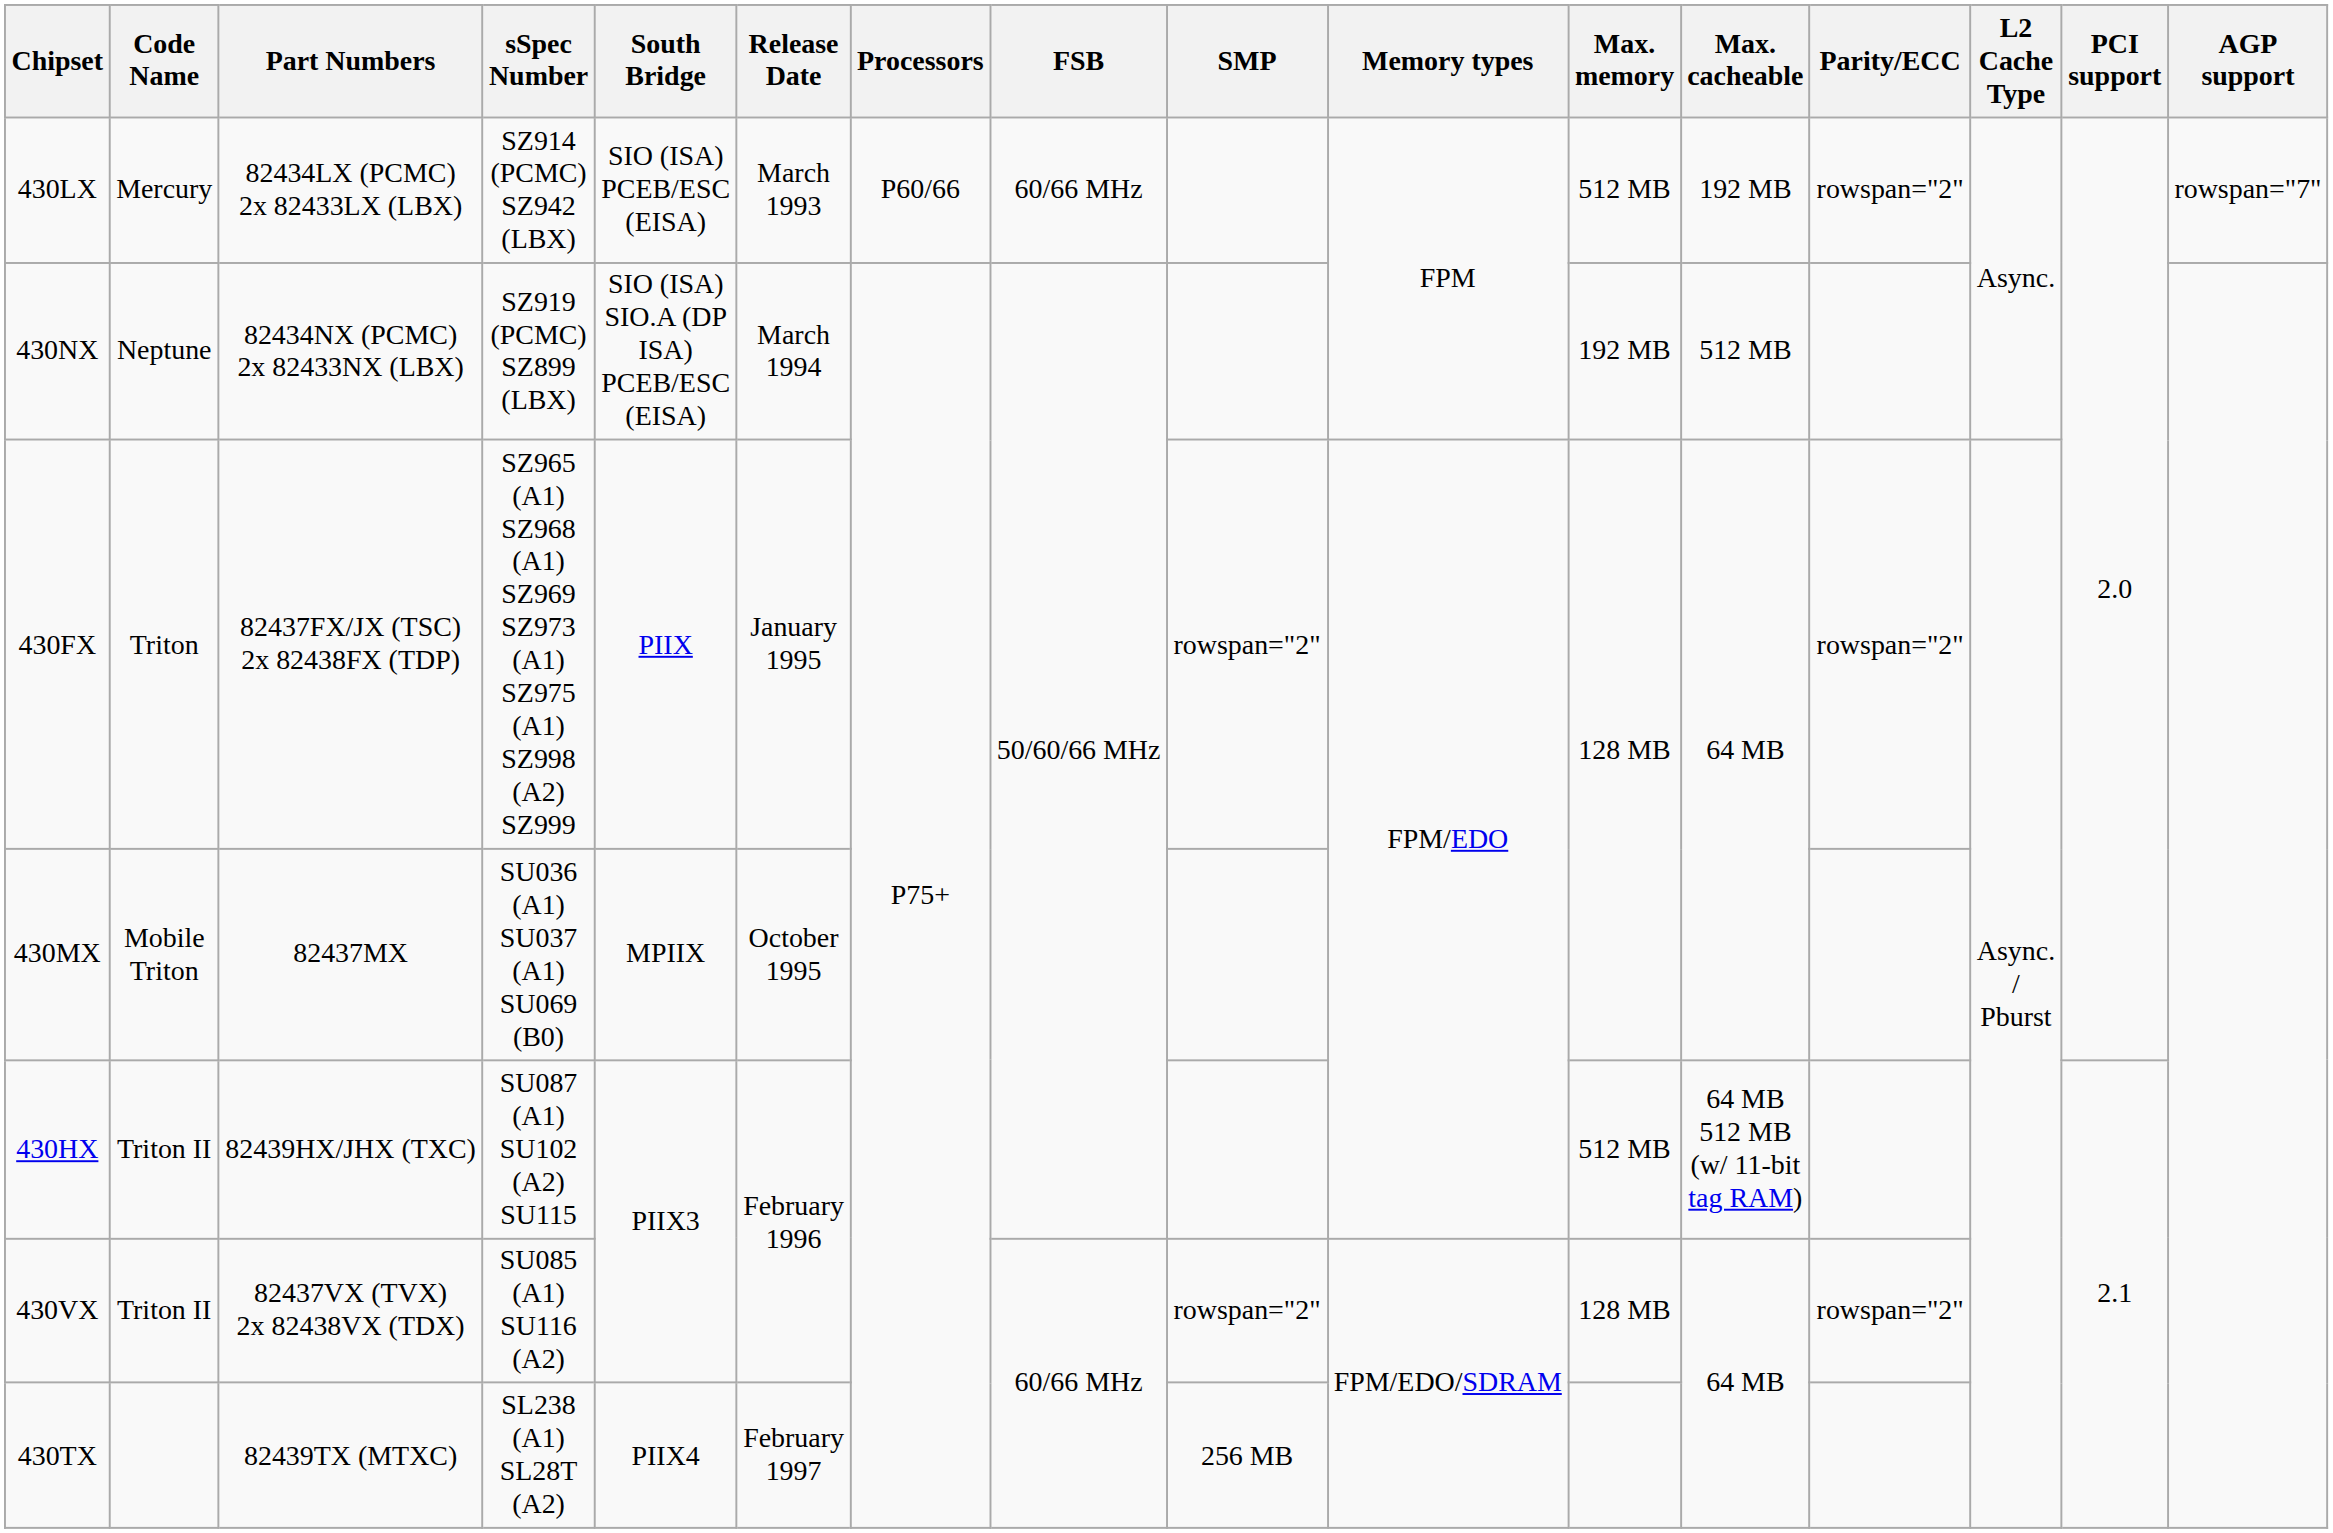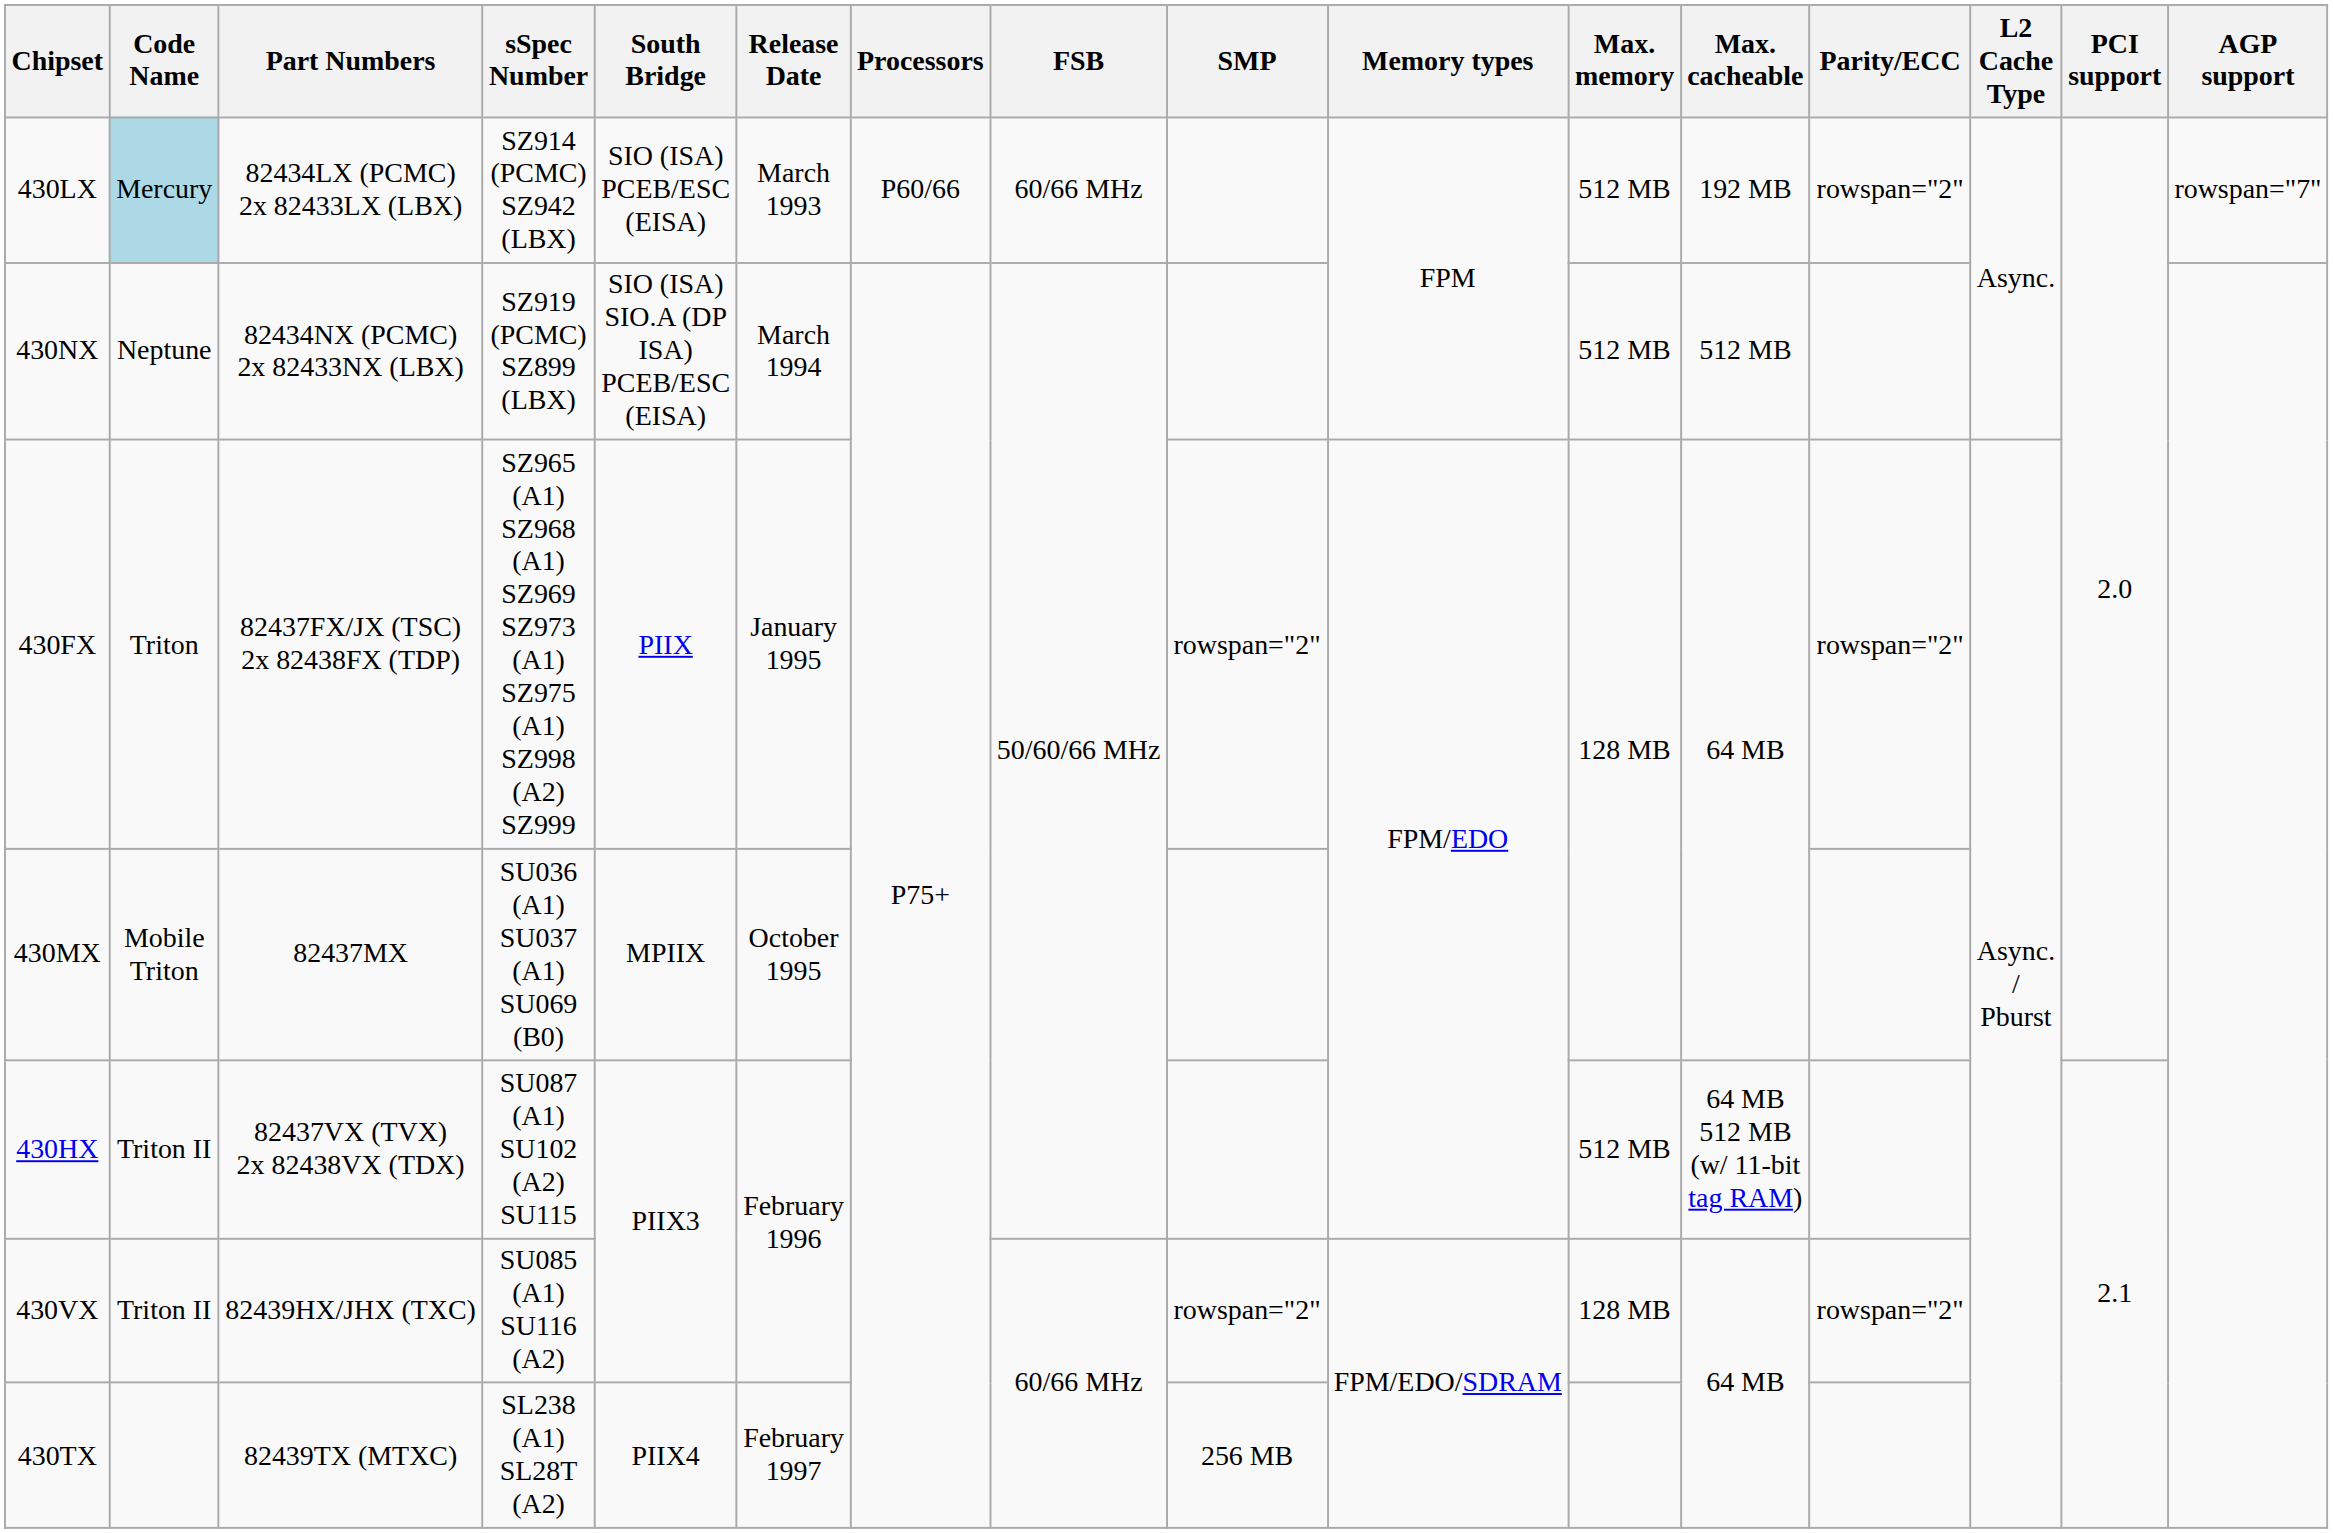 <table class="wikitable" style="font-size: 90%; text-align:center;">
 <tr>
 <th>Chipset</th>
 <th>Code Name</th>
 <th>Part Numbers</th>
 <th>sSpec Number</th>
 <th>South Bridge</th>
 <th>Release Date</th>
 <th>Processors</th>
 <th>FSB</th>
 <th>SMP</th>
 <th>Memory types</th>
 <th>Max. memory</th>
 <th>Max. cacheable</th>
 <th>Parity/ECC</th>
 <th>L2 Cache Type</th>
 <th>PCI support</th>
 <th>AGP support</th>
 </tr>
 <tr>
 <td>430LX</td>
-<td>Mercury</td>
+<td style="background: lightblue;">Mercury</td>
 <td>82434LX (PCMC)<br>2x 82433LX (LBX)</td>
 <td>SZ914 (PCMC)<br>SZ942 (LBX)</td>
 <td>SIO (ISA)<br>PCEB/ESC (EISA)</td>
 <td>March 1993</td>
 <td>P60/66</td>
 <td>60/66 MHz</td>
 <td></td>
 <td rowspan="2">FPM</td>
 <td>512 MB</td>
 <td>192 MB</td>
 <td>rowspan="2" </td>
 <td rowspan="2">Async.</td>
 <td rowspan="4">2.0</td>
 <td>rowspan="7" </td>
 </tr>
 <tr>
 <td>430NX</td>
 <td>Neptune</td>
 <td>82434NX (PCMC)<br>2x 82433NX (LBX)</td>
 <td>SZ919 (PCMC)<br>SZ899 (LBX)</td>
 <td>SIO (ISA)<br>SIO.A (DP ISA)<br>PCEB/ESC (EISA)</td>
 <td>March 1994</td>
 <td rowspan="6">P75+</td>
 <td rowspan="4">50/60/66 MHz</td>
 <td></td>
-<td>192 MB</td>
+<td>512 MB</td>
 <td>512 MB</td>
 </tr>
 <tr>
 <td>430FX</td>
 <td>Triton</td>
 <td>82437FX/JX (TSC)<br>2x 82438FX (TDP)</td>
 <td>SZ965 (A1)<br>SZ968 (A1)<br>SZ969<br>SZ973 (A1)<br>SZ975 (A1)<br>SZ998 (A2)<br>SZ999</td>
 <td><a href='#'>PIIX</a></td>
 <td>January 1995</td>
 <td>rowspan="2" </td>
 <td rowspan="3">FPM/<a href='#'>EDO</a></td>
 <td rowspan="2">128 MB</td>
 <td rowspan="2">64 MB</td>
 <td>rowspan="2" </td>
 <td rowspan="5">Async. / Pburst</td>
 </tr>
 <tr>
 <td>430MX</td>
 <td>Mobile Triton</td>
 <td>82437MX</td>
 <td>SU036 (A1)<br>SU037 (A1)<br>SU069 (B0)</td>
 <td>MPIIX</td>
 <td>October 1995</td>
 </tr>
 <tr>
 <td><a href='#'>430HX</a></td>
 <td>Triton II</td>
-<td>82439HX/JHX (TXC)</td>
+<td>82437VX (TVX)<br>2x 82438VX (TDX)</td>
 <td>SU087 (A1)<br>SU102 (A2)<br>SU115</td>
 <td rowspan="2">PIIX3</td>
 <td rowspan="2">February 1996</td>
 <td></td>
 <td>512 MB</td>
 <td>64 MB<br>512 MB (w/ 11-bit <a href='#'>tag RAM</a>)</td>
 <td></td>
 <td rowspan="3">2.1</td>
 </tr>
 <tr>
 <td>430VX</td>
 <td>Triton II</td>
-<td>82437VX (TVX)<br>2x 82438VX (TDX)</td>
+<td>82439HX/JHX (TXC)</td>
 <td>SU085 (A1)<br>SU116 (A2)</td>
 <td rowspan="2">60/66 MHz</td>
 <td>rowspan="2" </td>
 <td rowspan="2">FPM/EDO/<a href='#'>SDRAM</a></td>
 <td>128 MB</td>
 <td rowspan="2">64 MB</td>
 <td>rowspan="2" </td>
 </tr>
 <tr>
 <td>430TX</td>
 <td></td>
 <td>82439TX (MTXC)</td>
 <td>SL238 (A1)<br>SL28T (A2)</td>
 <td>PIIX4</td>
 <td>February 1997</td>
 <td>256 MB</td>
 </tr>
 </table>
